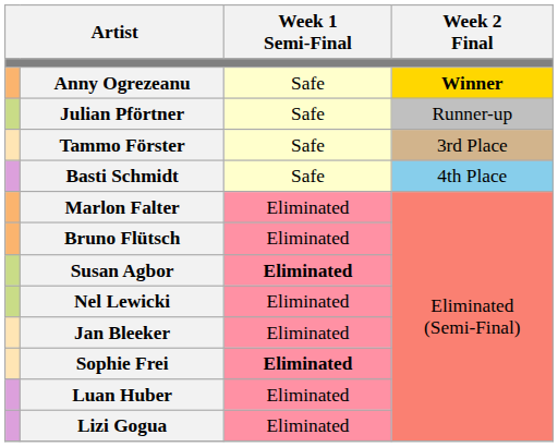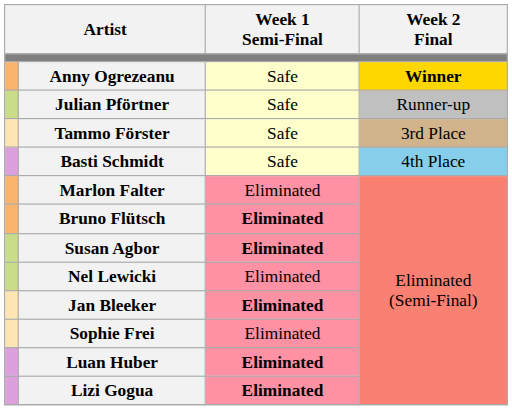 <table class="wikitable" style="text-align:center; font-size:95%; width:50%">
 <tr>
 <th colspan="2" style="width:18%">Artist</th>
 <th style="width:11%" scope="col">Week 1<br>Semi-Final</th>
 <th style="width:11%" scope="col">Week 2<br>Final</th>
 </tr>
 <tr>
 <th colspan="5" style="background:grey"></th>
 </tr>
 <tr>
 <th style="background:#fbb46e"></th>
 <th>Anny Ogrezeanu</th>
 <td style="background:#FFFFCC">Safe</td>
 <td style="background:gold"><strong>Winner</strong></td>
 </tr>
 <tr>
 <th style="background:#C9DC87"></th>
 <th>Julian Pförtner</th>
 <td style="background:#FFFFCC">Safe</td>
 <td style="background:silver">Runner-up</td>
 </tr>
 <tr>
 <th style="background:#ffe5b4"></th>
 <th>Tammo Förster</th>
 <td style="background:#FFFFCC">Safe</td>
 <td style="background:tan">3rd Place</td>
 </tr>
 <tr>
 <th style="background:#dca0dc"></th>
 <th>Basti Schmidt</th>
 <td style="background:#FFFFCC">Safe</td>
 <td style="background:skyblue">4th Place</td>
 </tr>
 <tr>
 <th style="background:#fbb46e"></th>
 <th>Marlon Falter</th>
 <td style="background:#FF91A4">Eliminated</td>
 <td rowspan="8" style="background:salmon">Eliminated<br>(Semi-Final)</td>
 </tr>
 <tr>
 <th style="background:#fbb46e"></th>
 <th>Bruno Flütsch</th>
-<td style="background:#FF91A4">Eliminated</td>
+<td style="background:#FF91A4"><strong>Eliminated</strong></td>
 </tr>
 <tr>
 <th style="background:#C9DC87"></th>
 <th>Susan Agbor</th>
 <td style="background:#FF91A4"><strong>Eliminated</strong></td>
 </tr>
 <tr>
 <th style="background:#C9DC87"></th>
 <th>Nel Lewicki</th>
 <td style="background:#FF91A4">Eliminated</td>
 </tr>
 <tr>
 <th style="background:#ffe5b4"></th>
 <th>Jan Bleeker</th>
-<td style="background:#FF91A4">Eliminated</td>
+<td style="background:#FF91A4"><strong>Eliminated</strong></td>
 </tr>
 <tr>
 <th style="background:#ffe5b4"></th>
 <th>Sophie Frei</th>
+<td style="background:#FF91A4">Eliminated</td>
+</tr>
+<tr>
+<th style="background:#dca0dc"></th>
+<th>Luan Huber</th>
 <td style="background:#FF91A4"><strong>Eliminated</strong></td>
 </tr>
 <tr>
 <th style="background:#dca0dc"></th>
-<th>Luan Huber</th>
-<td style="background:#FF91A4">Eliminated</td>
-</tr>
-<tr>
-<th style="background:#dca0dc"></th>
 <th>Lizi Gogua</th>
-<td style="background:#FF91A4">Eliminated</td>
+<td style="background:#FF91A4"><strong>Eliminated</strong></td>
 </tr>
 <tr>
 </tr>
 </table>
